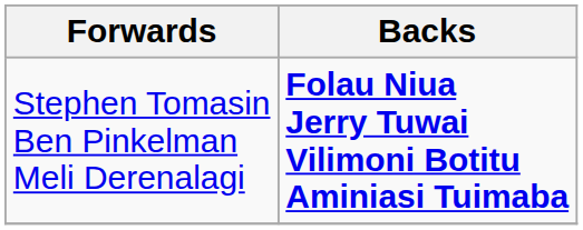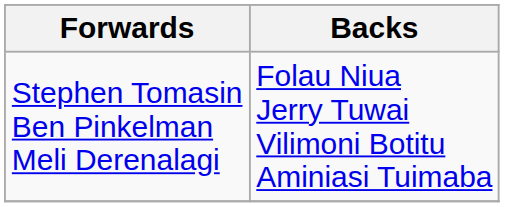 <table class="wikitable">
 <tr>
 <th>Forwards</th>
 <th>Backs</th>
 </tr>
 <tr>
 <td> <a href='#'>Stephen Tomasin</a> <br>  <a href='#'>Ben Pinkelman</a> <br>  <a href='#'>Meli Derenalagi</a></td>
-<td><strong> <a href='#'>Folau Niua</a> <br>  <a href='#'>Jerry Tuwai</a> <br>  <a href='#'>Vilimoni Botitu</a> <br>  <a href='#'>Aminiasi Tuimaba</a></strong></td>
+<td> <a href='#'>Folau Niua</a> <br>  <a href='#'>Jerry Tuwai</a> <br>  <a href='#'>Vilimoni Botitu</a> <br>  <a href='#'>Aminiasi Tuimaba</a></td>
 </tr>
 <tr>
 </tr>
 </table>
